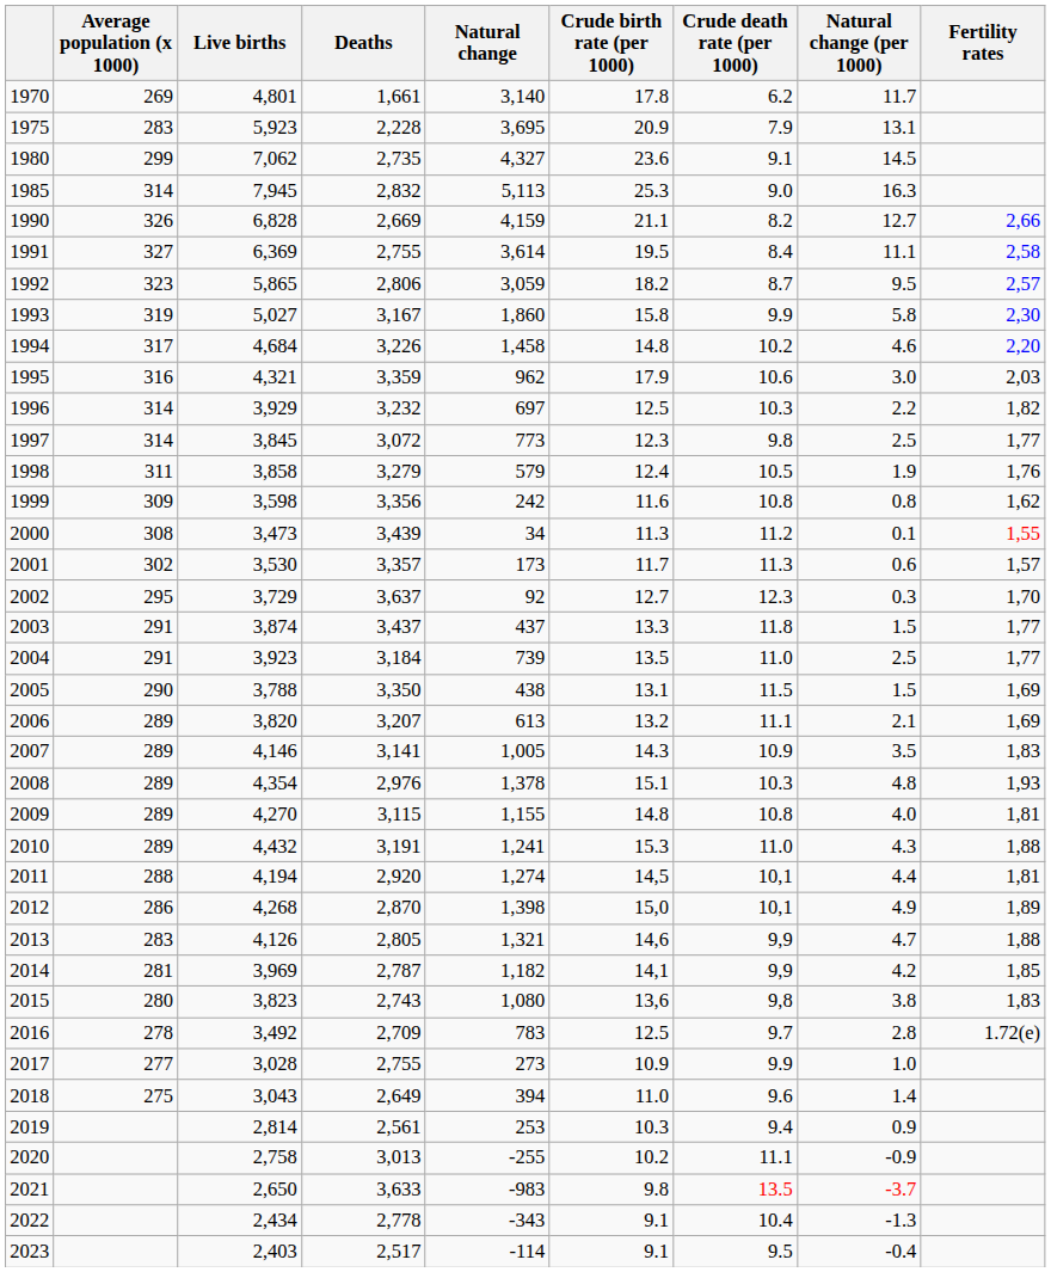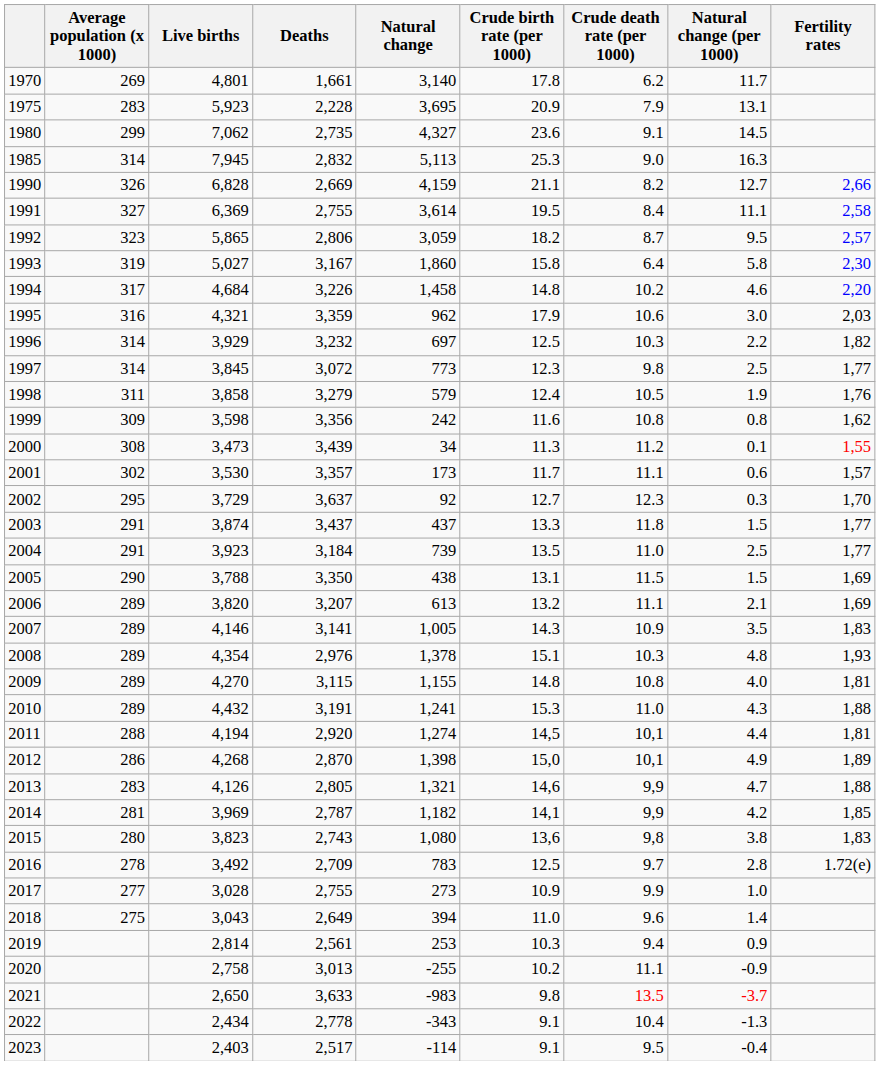 <table class="wikitable">
 <tr>
 <th></th>
 <th style="width:70pt;">Average population (x 1000)</th>
 <th style="width:70pt;">Live births</th>
 <th style="width:70pt;">Deaths</th>
 <th style="width:70pt;">Natural change</th>
 <th style="width:70pt;">Crude birth rate (per 1000)</th>
 <th style="width:70pt;">Crude death rate (per 1000)</th>
 <th style="width:70pt;">Natural change (per 1000)</th>
 <th style="width:70pt;">Fertility rates</th>
 </tr>
 <tr>
 <td>1970</td>
 <td style="text-align:right;">269</td>
 <td style="text-align:right;">4,801</td>
 <td style="text-align:right;">1,661</td>
 <td style="text-align:right;">3,140</td>
 <td style="text-align:right;">17.8</td>
 <td style="text-align:right;">6.2</td>
 <td style="text-align:right;">11.7</td>
 <td></td>
 </tr>
 <tr>
 <td>1975</td>
 <td style="text-align:right;">283</td>
 <td style="text-align:right;">5,923</td>
 <td style="text-align:right;">2,228</td>
 <td style="text-align:right;">3,695</td>
 <td style="text-align:right;">20.9</td>
 <td style="text-align:right;">7.9</td>
 <td style="text-align:right;">13.1</td>
 <td></td>
 </tr>
 <tr>
 <td>1980</td>
 <td style="text-align:right;">299</td>
 <td style="text-align:right;">7,062</td>
 <td style="text-align:right;">2,735</td>
 <td style="text-align:right;">4,327</td>
 <td style="text-align:right;">23.6</td>
 <td style="text-align:right;">9.1</td>
 <td style="text-align:right;">14.5</td>
 <td></td>
 </tr>
 <tr>
 <td>1985</td>
 <td style="text-align:right;">314</td>
 <td style="text-align:right;">7,945</td>
 <td style="text-align:right;">2,832</td>
 <td style="text-align:right;">5,113</td>
 <td style="text-align:right;">25.3</td>
 <td style="text-align:right;">9.0</td>
 <td style="text-align:right;">16.3</td>
 <td></td>
 </tr>
 <tr>
 <td>1990</td>
 <td style="text-align:right;">326</td>
 <td style="text-align:right;">6,828</td>
 <td style="text-align:right;">2,669</td>
 <td style="text-align:right;">4,159</td>
 <td style="text-align:right;">21.1</td>
 <td style="text-align:right;">8.2</td>
 <td style="text-align:right;">12.7</td>
 <td style="text-align:right; color:blue;">2,66</td>
 </tr>
 <tr>
 <td>1991</td>
 <td style="text-align:right;">327</td>
 <td style="text-align:right;">6,369</td>
 <td style="text-align:right;">2,755</td>
 <td style="text-align:right;">3,614</td>
 <td style="text-align:right;">19.5</td>
 <td style="text-align:right;">8.4</td>
 <td style="text-align:right;">11.1</td>
 <td style="text-align:right; color:blue;">2,58</td>
 </tr>
 <tr>
 <td>1992</td>
 <td style="text-align:right;">323</td>
 <td style="text-align:right;">5,865</td>
 <td style="text-align:right;">2,806</td>
 <td style="text-align:right;">3,059</td>
 <td style="text-align:right;">18.2</td>
 <td style="text-align:right;">8.7</td>
 <td style="text-align:right;">9.5</td>
 <td style="text-align:right; color:blue;">2,57</td>
 </tr>
 <tr>
 <td>1993</td>
 <td style="text-align:right;">319</td>
 <td style="text-align:right;">5,027</td>
 <td style="text-align:right;">3,167</td>
 <td style="text-align:right;">1,860</td>
 <td style="text-align:right;">15.8</td>
-<td style="text-align:right;">9.9</td>
+<td style="text-align:right;">6.4</td>
 <td style="text-align:right;">5.8</td>
 <td style="text-align:right; color:blue;">2,30</td>
 </tr>
 <tr>
 <td>1994</td>
 <td style="text-align:right;">317</td>
 <td style="text-align:right;">4,684</td>
 <td style="text-align:right;">3,226</td>
 <td style="text-align:right;">1,458</td>
 <td style="text-align:right;">14.8</td>
 <td style="text-align:right;">10.2</td>
 <td style="text-align:right;">4.6</td>
 <td style="text-align:right; color:blue;">2,20</td>
 </tr>
 <tr>
 <td>1995</td>
 <td style="text-align:right;">316</td>
 <td style="text-align:right;">4,321</td>
 <td style="text-align:right;">3,359</td>
 <td style="text-align:right;">962</td>
 <td style="text-align:right;">17.9</td>
 <td style="text-align:right;">10.6</td>
 <td style="text-align:right;">3.0</td>
 <td style="text-align:right;">2,03</td>
 </tr>
 <tr>
 <td>1996</td>
 <td style="text-align:right;">314</td>
 <td style="text-align:right;">3,929</td>
 <td style="text-align:right;">3,232</td>
 <td style="text-align:right;">697</td>
 <td style="text-align:right;">12.5</td>
 <td style="text-align:right;">10.3</td>
 <td style="text-align:right;">2.2</td>
 <td style="text-align:right;">1,82</td>
 </tr>
 <tr>
 <td>1997</td>
 <td style="text-align:right;">314</td>
 <td style="text-align:right;">3,845</td>
 <td style="text-align:right;">3,072</td>
 <td style="text-align:right;">773</td>
 <td style="text-align:right;">12.3</td>
 <td style="text-align:right;">9.8</td>
 <td style="text-align:right;">2.5</td>
 <td style="text-align:right;">1,77</td>
 </tr>
 <tr>
 <td>1998</td>
 <td style="text-align:right;">311</td>
 <td style="text-align:right;">3,858</td>
 <td style="text-align:right;">3,279</td>
 <td style="text-align:right;">579</td>
 <td style="text-align:right;">12.4</td>
 <td style="text-align:right;">10.5</td>
 <td style="text-align:right;">1.9</td>
 <td style="text-align:right;">1,76</td>
 </tr>
 <tr>
 <td>1999</td>
 <td style="text-align:right;">309</td>
 <td style="text-align:right;">3,598</td>
 <td style="text-align:right;">3,356</td>
 <td style="text-align:right;">242</td>
 <td style="text-align:right;">11.6</td>
 <td style="text-align:right;">10.8</td>
 <td style="text-align:right;">0.8</td>
 <td style="text-align:right;">1,62</td>
 </tr>
 <tr>
 <td>2000</td>
 <td style="text-align:right;">308</td>
 <td style="text-align:right;">3,473</td>
 <td style="text-align:right;">3,439</td>
 <td style="text-align:right;">34</td>
 <td style="text-align:right;">11.3</td>
 <td style="text-align:right;">11.2</td>
 <td style="text-align:right;">0.1</td>
 <td style="text-align:right; color:red;">1,55</td>
 </tr>
 <tr>
 <td>2001</td>
 <td style="text-align:right;">302</td>
 <td style="text-align:right;">3,530</td>
 <td style="text-align:right;">3,357</td>
 <td style="text-align:right;">173</td>
 <td style="text-align:right;">11.7</td>
-<td style="text-align:right;">11.3</td>
+<td style="text-align:right;">11.1</td>
 <td style="text-align:right;">0.6</td>
 <td style="text-align:right;">1,57</td>
 </tr>
 <tr>
 <td>2002</td>
 <td style="text-align:right;">295</td>
 <td style="text-align:right;">3,729</td>
 <td style="text-align:right;">3,637</td>
 <td style="text-align:right;">92</td>
 <td style="text-align:right;">12.7</td>
 <td style="text-align:right;">12.3</td>
 <td style="text-align:right;">0.3</td>
 <td style="text-align:right;">1,70</td>
 </tr>
 <tr>
 <td>2003</td>
 <td style="text-align:right;">291</td>
 <td style="text-align:right;">3,874</td>
 <td style="text-align:right;">3,437</td>
 <td style="text-align:right;">437</td>
 <td style="text-align:right;">13.3</td>
 <td style="text-align:right;">11.8</td>
 <td style="text-align:right;">1.5</td>
 <td style="text-align:right;">1,77</td>
 </tr>
 <tr>
 <td>2004</td>
 <td style="text-align:right;">291</td>
 <td style="text-align:right;">3,923</td>
 <td style="text-align:right;">3,184</td>
 <td style="text-align:right;">739</td>
 <td style="text-align:right;">13.5</td>
 <td style="text-align:right;">11.0</td>
 <td style="text-align:right;">2.5</td>
 <td style="text-align:right;">1,77</td>
 </tr>
 <tr>
 <td>2005</td>
 <td style="text-align:right;">290</td>
 <td style="text-align:right;">3,788</td>
 <td style="text-align:right;">3,350</td>
 <td style="text-align:right;">438</td>
 <td style="text-align:right;">13.1</td>
 <td style="text-align:right;">11.5</td>
 <td style="text-align:right;">1.5</td>
 <td style="text-align:right;">1,69</td>
 </tr>
 <tr>
 <td>2006</td>
 <td style="text-align:right;">289</td>
 <td style="text-align:right;">3,820</td>
 <td style="text-align:right;">3,207</td>
 <td style="text-align:right;">613</td>
 <td style="text-align:right;">13.2</td>
 <td style="text-align:right;">11.1</td>
 <td style="text-align:right;">2.1</td>
 <td style="text-align:right;">1,69</td>
 </tr>
 <tr>
 <td>2007</td>
 <td style="text-align:right;">289</td>
 <td style="text-align:right;">4,146</td>
 <td style="text-align:right;">3,141</td>
 <td style="text-align:right;">1,005</td>
 <td style="text-align:right;">14.3</td>
 <td style="text-align:right;">10.9</td>
 <td style="text-align:right;">3.5</td>
 <td style="text-align:right;">1,83</td>
 </tr>
 <tr>
 <td>2008</td>
 <td style="text-align:right;">289</td>
 <td style="text-align:right;">4,354</td>
 <td style="text-align:right;">2,976</td>
 <td style="text-align:right;">1,378</td>
 <td style="text-align:right;">15.1</td>
 <td style="text-align:right;">10.3</td>
 <td style="text-align:right;">4.8</td>
 <td style="text-align:right;">1,93</td>
 </tr>
 <tr>
 <td>2009</td>
 <td style="text-align:right;">289</td>
 <td style="text-align:right;">4,270</td>
 <td style="text-align:right;">3,115</td>
 <td style="text-align:right;">1,155</td>
 <td style="text-align:right;">14.8</td>
 <td style="text-align:right;">10.8</td>
 <td style="text-align:right;">4.0</td>
 <td style="text-align:right;">1,81</td>
 </tr>
 <tr>
 <td>2010</td>
 <td style="text-align:right;">289</td>
 <td style="text-align:right;">4,432</td>
 <td style="text-align:right;">3,191</td>
 <td style="text-align:right;">1,241</td>
 <td style="text-align:right;">15.3</td>
 <td style="text-align:right;">11.0</td>
 <td style="text-align:right;">4.3</td>
 <td style="text-align:right;">1,88</td>
 </tr>
 <tr>
 <td>2011</td>
 <td style="text-align:right;">288</td>
 <td style="text-align:right;">4,194</td>
 <td style="text-align:right;">2,920</td>
 <td style="text-align:right;">1,274</td>
 <td style="text-align:right;">14,5</td>
 <td style="text-align:right;">10,1</td>
 <td style="text-align:right;">4.4</td>
 <td style="text-align:right;">1,81</td>
 </tr>
 <tr>
 <td>2012</td>
 <td style="text-align:right;">286</td>
 <td style="text-align:right;">4,268</td>
 <td style="text-align:right;">2,870</td>
 <td style="text-align:right;">1,398</td>
 <td style="text-align:right;">15,0</td>
 <td style="text-align:right;">10,1</td>
 <td style="text-align:right;">4.9</td>
 <td style="text-align:right;">1,89</td>
 </tr>
 <tr>
 <td>2013</td>
 <td style="text-align:right;">283</td>
 <td style="text-align:right;">4,126</td>
 <td style="text-align:right;">2,805</td>
 <td style="text-align:right;">1,321</td>
 <td style="text-align:right;">14,6</td>
 <td style="text-align:right;">9,9</td>
 <td style="text-align:right;">4.7</td>
 <td style="text-align:right;">1,88</td>
 </tr>
 <tr>
 <td>2014</td>
 <td style="text-align:right;">281</td>
 <td style="text-align:right;">3,969</td>
 <td style="text-align:right;">2,787</td>
 <td style="text-align:right;">1,182</td>
 <td style="text-align:right;">14,1</td>
 <td style="text-align:right;">9,9</td>
 <td style="text-align:right;">4.2</td>
 <td style="text-align:right;">1,85</td>
 </tr>
 <tr>
 <td>2015</td>
 <td style="text-align:right;">280</td>
 <td style="text-align:right;">3,823</td>
 <td style="text-align:right;">2,743</td>
 <td style="text-align:right;">1,080</td>
 <td style="text-align:right;">13,6</td>
 <td style="text-align:right;">9,8</td>
 <td style="text-align:right;">3.8</td>
 <td style="text-align:right;">1,83</td>
 </tr>
 <tr>
 <td>2016</td>
 <td style="text-align:right;">278</td>
 <td style="text-align:right;">3,492</td>
 <td style="text-align:right;">2,709</td>
 <td style="text-align:right;">783</td>
 <td style="text-align:right;">12.5</td>
 <td style="text-align:right;">9.7</td>
 <td style="text-align:right;">2.8</td>
 <td style="text-align:right;">1.72(e)</td>
 </tr>
 <tr>
 <td>2017</td>
 <td style="text-align:right;">277</td>
 <td style="text-align:right;">3,028</td>
 <td style="text-align:right;">2,755</td>
 <td style="text-align:right;">273</td>
 <td style="text-align:right;">10.9</td>
 <td style="text-align:right;">9.9</td>
 <td style="text-align:right;">1.0</td>
 <td style="text-align:right;"></td>
 </tr>
 <tr>
 <td>2018</td>
 <td style="text-align:right;">275</td>
 <td style="text-align:right;">3,043</td>
 <td style="text-align:right;">2,649</td>
 <td style="text-align:right;">394</td>
 <td style="text-align:right;">11.0</td>
 <td style="text-align:right;">9.6</td>
 <td style="text-align:right;">1.4</td>
 <td style="text-align:right;"></td>
 </tr>
 <tr>
 <td>2019</td>
 <td style="text-align:right;"></td>
 <td style="text-align:right;">2,814</td>
 <td style="text-align:right;">2,561</td>
 <td style="text-align:right;">253</td>
 <td style="text-align:right;">10.3</td>
 <td style="text-align:right;">9.4</td>
 <td style="text-align:right;">0.9</td>
 <td style="text-align:right;"></td>
 </tr>
 <tr>
 <td>2020</td>
 <td style="text-align:right;"></td>
 <td style="text-align:right;">2,758</td>
 <td style="text-align:right;">3,013</td>
 <td style="text-align:right;">-255</td>
 <td style="text-align:right;">10.2</td>
 <td style="text-align:right;">11.1</td>
 <td style="text-align:right;">-0.9</td>
 <td style="text-align:right;"></td>
 </tr>
 <tr>
 <td>2021</td>
 <td style="text-align:right;"></td>
 <td style="text-align:right;">2,650</td>
 <td style="text-align:right;">3,633</td>
 <td style="text-align:right;">-983</td>
 <td style="text-align:right;">9.8</td>
 <td style="text-align:right; color:red;">13.5</td>
 <td style="text-align:right; color:red;">-3.7</td>
 <td style="text-align:right;"></td>
 </tr>
 <tr>
 <td>2022</td>
 <td style="text-align:right;"></td>
 <td style="text-align:right;">2,434</td>
 <td style="text-align:right;">2,778</td>
 <td style="text-align:right;">-343</td>
 <td style="text-align:right;">9.1</td>
 <td style="text-align:right;">10.4</td>
 <td style="text-align:right;">-1.3</td>
 <td style="text-align:right;"></td>
 </tr>
 <tr>
 <td>2023</td>
 <td style="text-align:right;"></td>
 <td style="text-align:right;">2,403</td>
 <td style="text-align:right;">2,517</td>
 <td style="text-align:right;">-114</td>
 <td style="text-align:right;">9.1</td>
 <td style="text-align:right;">9.5</td>
 <td style="text-align:right;">-0.4</td>
 <td style="text-align:right;"></td>
 </tr>
 </table>
